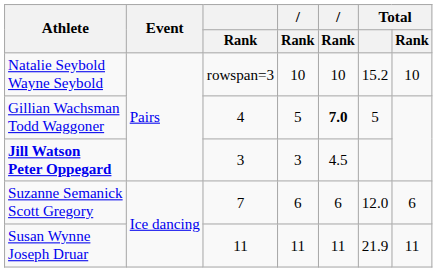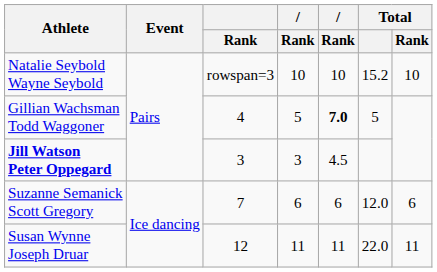 <table class=wikitable style=font-size:90%;text-align:center>
 <tr>
 <th rowspan=2>Athlete</th>
 <th rowspan=2>Event</th>
 <th></th>
 <th> / </th>
 <th> / </th>
 <th colspan=2>Total</th>
 </tr>
 <tr style=font-size:95%>
 <th>Rank</th>
 <th>Rank</th>
 <th>Rank</th>
 <th></th>
 <th>Rank</th>
 </tr>
 <tr>
 <td align=left><a href='#'>Natalie Seybold</a><br><a href='#'>Wayne Seybold</a></td>
 <td align=left rowspan=3><a href='#'>Pairs</a></td>
 <td>rowspan=3 </td>
 <td>10</td>
 <td>10</td>
 <td>15.2</td>
 <td>10</td>
 </tr>
 <tr>
 <td align=left><a href='#'>Gillian Wachsman</a><br><a href='#'>Todd Waggoner</a></td>
 <td>4</td>
 <td>5</td>
 <td><strong>7.0</strong></td>
 <td>5</td>
 </tr>
 <tr>
 <td align=left><strong><a href='#'>Jill Watson</a><br><a href='#'>Peter Oppegard</a></strong></td>
 <td>3</td>
 <td>3</td>
 <td>4.5</td>
 <td></td>
 </tr>
 <tr>
 <td align=left><a href='#'>Suzanne Semanick</a><br><a href='#'>Scott Gregory</a></td>
 <td align=left rowspan=2><a href='#'>Ice dancing</a></td>
 <td>7</td>
 <td>6</td>
 <td>6</td>
 <td>12.0</td>
 <td>6</td>
 </tr>
 <tr>
 <td align=left><a href='#'>Susan Wynne</a><br><a href='#'>Joseph Druar</a></td>
+<td>12</td>
 <td>11</td>
 <td>11</td>
-<td>11</td>
-<td>21.9</td>
+<td>22.0</td>
 <td>11</td>
 </tr>
 </table>
